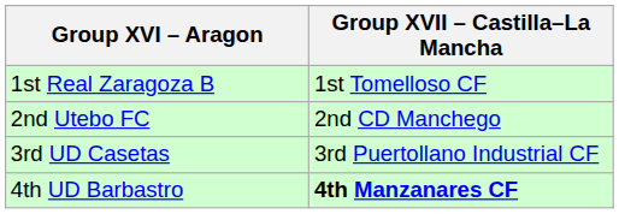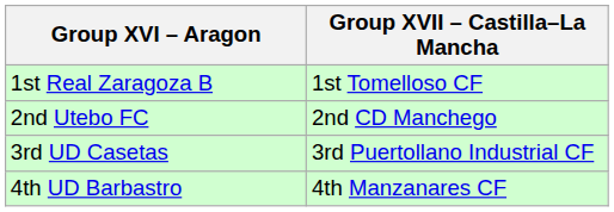 <table class="wikitable">
 <tr>
 <th width=210>Group XVI – Aragon </th>
 <th width=210>Group XVII – Castilla–La Mancha </th>
 </tr>
 <tr style="background:#D0FFD0;">
 <td>1st <a href='#'>Real Zaragoza B</a></td>
 <td>1st <a href='#'>Tomelloso CF</a></td>
 </tr>
 <tr style="background:#D0FFD0;">
 <td>2nd <a href='#'>Utebo FC</a></td>
 <td>2nd <a href='#'>CD Manchego</a></td>
 </tr>
 <tr style="background:#D0FFD0;">
 <td>3rd <a href='#'>UD Casetas</a></td>
 <td>3rd <a href='#'>Puertollano Industrial CF</a></td>
 </tr>
 <tr style="background:#D0FFD0;">
 <td>4th <a href='#'>UD Barbastro</a></td>
-<td><strong>4th <a href='#'>Manzanares CF</a></strong></td>
+<td>4th <a href='#'>Manzanares CF</a></td>
 </tr>
 </table>
